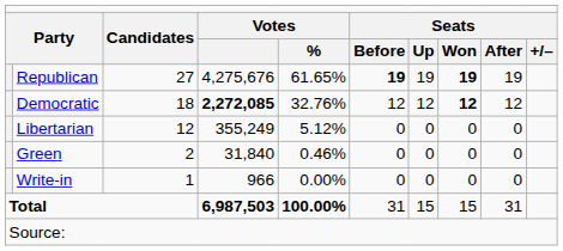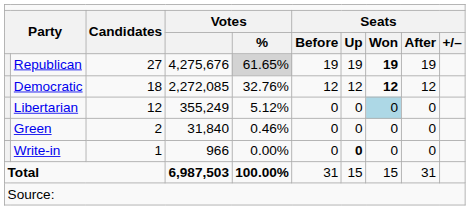 <table class="wikitable">
 <tr>
 <td colspan=15 align=center></td>
 </tr>
 <tr>
 <th rowspan="2" colspan="2">Party</th>
 <th rowspan="2">Candidates</th>
 <th colspan="2">Votes</th>
 <th colspan="5">Seats</th>
 </tr>
 <tr>
 <th></th>
 <th>%</th>
 <th>Before</th>
 <th>Up</th>
 <th>Won</th>
 <th>After</th>
 <th>+/–</th>
 </tr>
 <tr>
 <th style="background-color:"></th>
 <td><a href='#'>Republican</a></td>
 <td align="right">27</td>
 <td align="right">4,275,676</td>
-<td align="right">61.65%</td>
-<td align="right"><strong>19</strong></td>
+<td align="right" style="background: lightgrey;">61.65%</td>
+<td align="right">19</td>
 <td align="right">19</td>
 <td align="right"><strong>19</strong></td>
 <td align="right">19</td>
 <td align="right"></td>
 </tr>
 <tr>
 <th style="background-color:"></th>
 <td><a href='#'>Democratic</a></td>
 <td align="right">18</td>
-<td align="right"><strong>2,272,085</strong></td>
+<td align="right">2,272,085</td>
 <td align="right">32.76%</td>
 <td align="right">12</td>
 <td align="right">12</td>
 <td align="right"><strong>12</strong></td>
 <td align="right">12</td>
 <td align="right"></td>
 </tr>
 <tr>
 <th style="background-color:"></th>
 <td><a href='#'>Libertarian</a></td>
 <td align="right">12</td>
 <td align="right">355,249</td>
 <td align="right">5.12%</td>
 <td align="right">0</td>
 <td align="right">0</td>
-<td align="right">0</td>
+<td align="right" style="background: lightblue;">0</td>
 <td align="right">0</td>
 <td align="right"></td>
 </tr>
 <tr>
 <th style="background-color:"></th>
 <td><a href='#'>Green</a></td>
 <td align="right">2</td>
 <td align="right">31,840</td>
 <td align="right">0.46%</td>
 <td align="right">0</td>
 <td align="right">0</td>
 <td align="right">0</td>
 <td align="right">0</td>
 <td align="right"></td>
 </tr>
 <tr>
 <th style="background-color:"></th>
 <td><a href='#'>Write-in</a></td>
 <td align="right">1</td>
 <td align="right">966</td>
 <td align="right">0.00%</td>
 <td align="right">0</td>
-<td align="right">0</td>
+<td align="right"><strong>0</strong></td>
 <td align="right">0</td>
 <td align="right">0</td>
 <td align="right"></td>
 </tr>
 <tr>
 <td colspan="3" align="left"><strong>Total</strong></td>
 <td align="right"><strong>6,987,503</strong></td>
 <td align="right"><strong>100.00%</strong></td>
 <td align="right">31</td>
 <td align="right">15</td>
 <td align="right">15</td>
 <td align="right">31</td>
 <td align="right"></td>
 </tr>
 <tr>
 <td colspan="10">Source:</td>
 </tr>
 </table>
